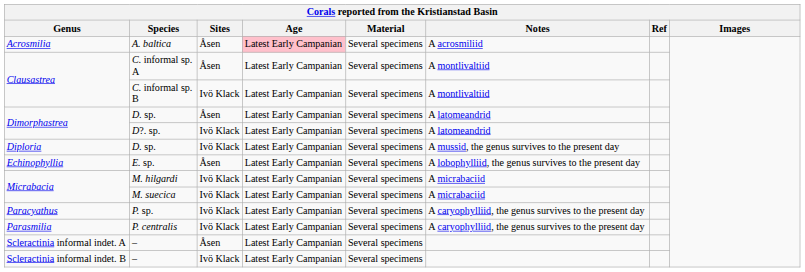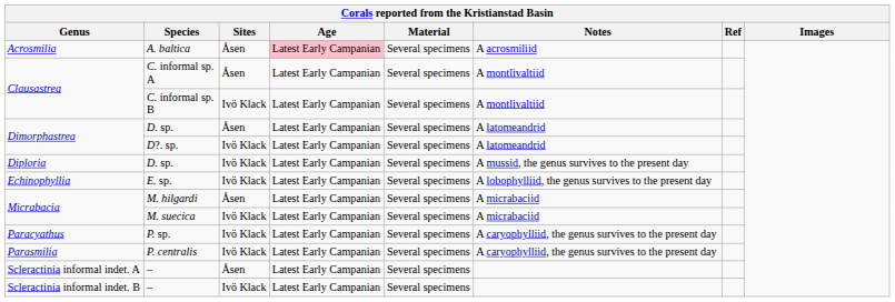 <table class="wikitable sortable mw-collapsible" style="width:100%">
 <tr>
 <th colspan="8" style="text-align:center;"><strong><a href='#'>Corals</a> reported from the Kristianstad Basin</strong></th>
 </tr>
 <tr>
 <th>Genus</th>
 <th width="100px">Species</th>
 <th>Sites</th>
 <th>Age</th>
 <th>Material</th>
 <th>Notes</th>
 <th>Ref</th>
 <th width="200px">Images</th>
 </tr>
 <tr>
 <td><em><a href='#'>Acrosmilia</a></em></td>
 <td><em>A. baltica</em></td>
 <td>Åsen</td>
 <td style="background: pink;">Latest Early Campanian</td>
 <td>Several specimens</td>
 <td>A <a href='#'>acrosmiliid</a></td>
 <td></td>
 <td rowspan="13"><br> </td>
 </tr>
 <tr>
 <td rowspan="2"><em><a href='#'>Clausastrea</a></em></td>
 <td><em>C.</em> informal sp. A</td>
 <td>Åsen</td>
 <td>Latest Early Campanian</td>
 <td>Several specimens</td>
 <td>A <a href='#'>montlivaltiid</a></td>
 <td></td>
 </tr>
 <tr>
 <td><em>C.</em> informal sp. B</td>
 <td>Ivö Klack</td>
 <td>Latest Early Campanian</td>
 <td>Several specimens</td>
 <td>A <a href='#'>montlivaltiid</a></td>
 <td></td>
 </tr>
 <tr>
 <td rowspan="2"><em><a href='#'>Dimorphastrea</a></em></td>
 <td><em>D.</em> sp.</td>
 <td>Åsen</td>
 <td>Latest Early Campanian</td>
 <td>Several specimens</td>
 <td>A <a href='#'>latomeandrid</a></td>
 <td></td>
 </tr>
 <tr>
 <td><em>D</em>?. sp.</td>
 <td>Ivö Klack</td>
 <td>Latest Early Campanian</td>
 <td>Several specimens</td>
 <td>A <a href='#'>latomeandrid</a></td>
 <td></td>
 </tr>
 <tr>
 <td><em><a href='#'>Diploria</a></em></td>
 <td><em>D.</em> sp.</td>
 <td>Ivö Klack</td>
 <td>Latest Early Campanian</td>
 <td>Several specimens</td>
 <td>A <a href='#'>mussid</a>, the genus survives to the present day</td>
 <td></td>
 </tr>
 <tr>
 <td><em><a href='#'>Echinophyllia</a></em></td>
 <td><em>E.</em> sp.</td>
-<td>Åsen</td>
+<td>Ivö Klack</td>
 <td>Latest Early Campanian</td>
 <td>Several specimens</td>
 <td>A <a href='#'>lobophylliid</a>, the genus survives to the present day</td>
 <td></td>
 </tr>
 <tr>
 <td rowspan="2"><em><a href='#'>Micrabacia</a></em></td>
 <td><em>M. hilgardi</em></td>
-<td>Ivö Klack</td>
+<td>Åsen</td>
 <td>Latest Early Campanian</td>
 <td>Several specimens</td>
 <td>A <a href='#'>micrabaciid</a></td>
 <td></td>
 </tr>
 <tr>
 <td><em>M. suecica</em></td>
 <td>Ivö Klack</td>
 <td>Latest Early Campanian</td>
 <td>Several specimens</td>
 <td>A <a href='#'>micrabaciid</a></td>
 <td></td>
 </tr>
 <tr>
 <td><em><a href='#'>Paracyathus</a></em></td>
 <td><em>P.</em> sp.</td>
 <td>Ivö Klack</td>
 <td>Latest Early Campanian</td>
 <td>Several specimens</td>
 <td>A <a href='#'>caryophylliid</a>, the genus survives to the present day</td>
 <td></td>
 </tr>
 <tr>
 <td><em><a href='#'>Parasmilia</a></em></td>
 <td><em>P. centralis</em></td>
 <td>Ivö Klack</td>
 <td>Latest Early Campanian</td>
 <td>Several specimens</td>
 <td>A <a href='#'>caryophylliid</a>, the genus survives to the present day</td>
 <td></td>
 </tr>
 <tr>
 <td><a href='#'>Scleractinia</a> informal indet. A</td>
 <td>–</td>
 <td>Åsen</td>
 <td>Latest Early Campanian</td>
 <td>Several specimens</td>
 <td></td>
 <td></td>
 </tr>
 <tr>
 <td><a href='#'>Scleractinia</a> informal indet. B</td>
 <td>–</td>
 <td>Ivö Klack</td>
 <td>Latest Early Campanian</td>
 <td>Several specimens</td>
 <td></td>
 <td></td>
 </tr>
 </table>
